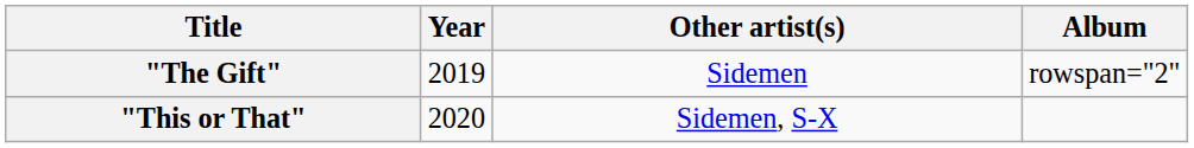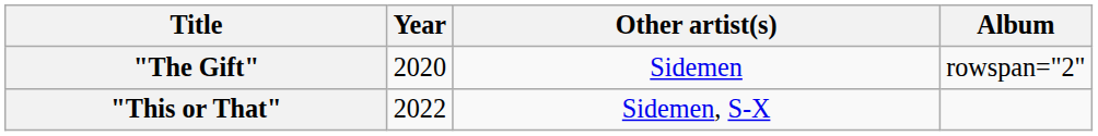 <table class="wikitable plainrowheaders" style="text-align:center;">
 <tr>
 <th rowspan="1.5" scope="col" style="width:14em;">Title</th>
 <th scope="col" style="width:1em;">Year</th>
 <th scope="col" style="width:18em;">Other artist(s)</th>
 <th scope="col">Album</th>
 </tr>
 <tr>
 <th scope="row">"The Gift"</th>
-<td>2019</td>
+<td>2020</td>
 <td><a href='#'>Sidemen</a></td>
 <td>rowspan="2" </td>
 </tr>
 <tr>
 <th scope="row">"This or That"</th>
-<td>2020</td>
+<td>2022</td>
 <td><a href='#'>Sidemen</a>, <a href='#'>S-X</a></td>
 </tr>
 </table>
